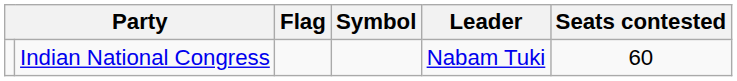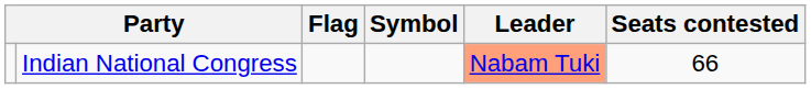 <table class="wikitable" style="text-align:center;">
 <tr>
 <th colspan="2">Party</th>
 <th>Flag</th>
 <th>Symbol</th>
 <th>Leader</th>
 <th>Seats contested</th>
 </tr>
 <tr>
 <td></td>
 <td><a href='#'>Indian National Congress</a></td>
 <td></td>
 <td></td>
-<td><a href='#'>Nabam Tuki</a></td>
-<td>60</td>
+<td style="background: lightsalmon;"><a href='#'>Nabam Tuki</a></td>
+<td>66</td>
 </tr>
 </table>
